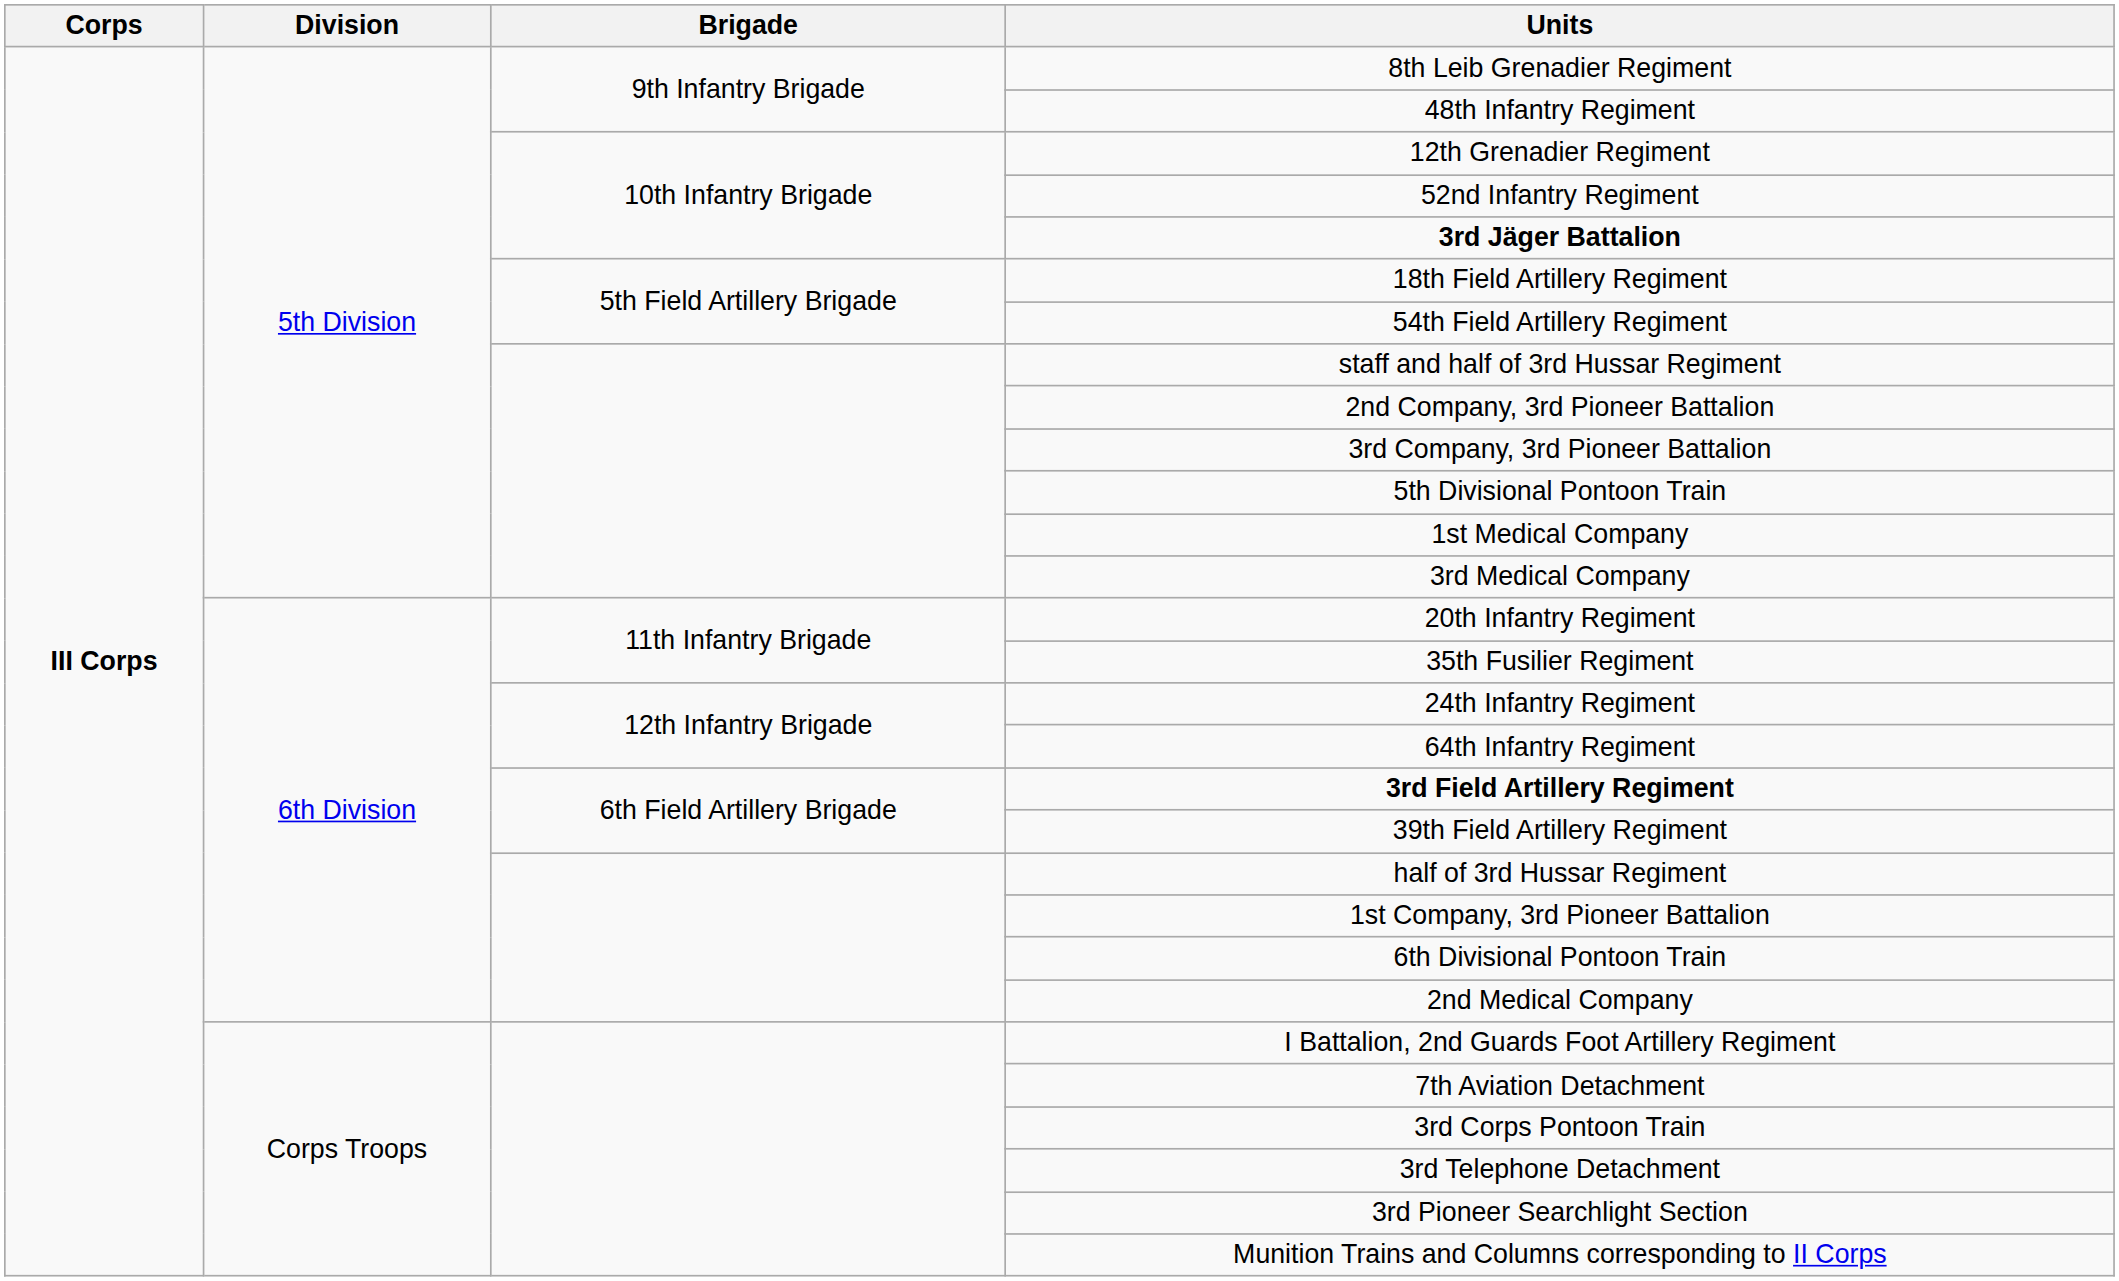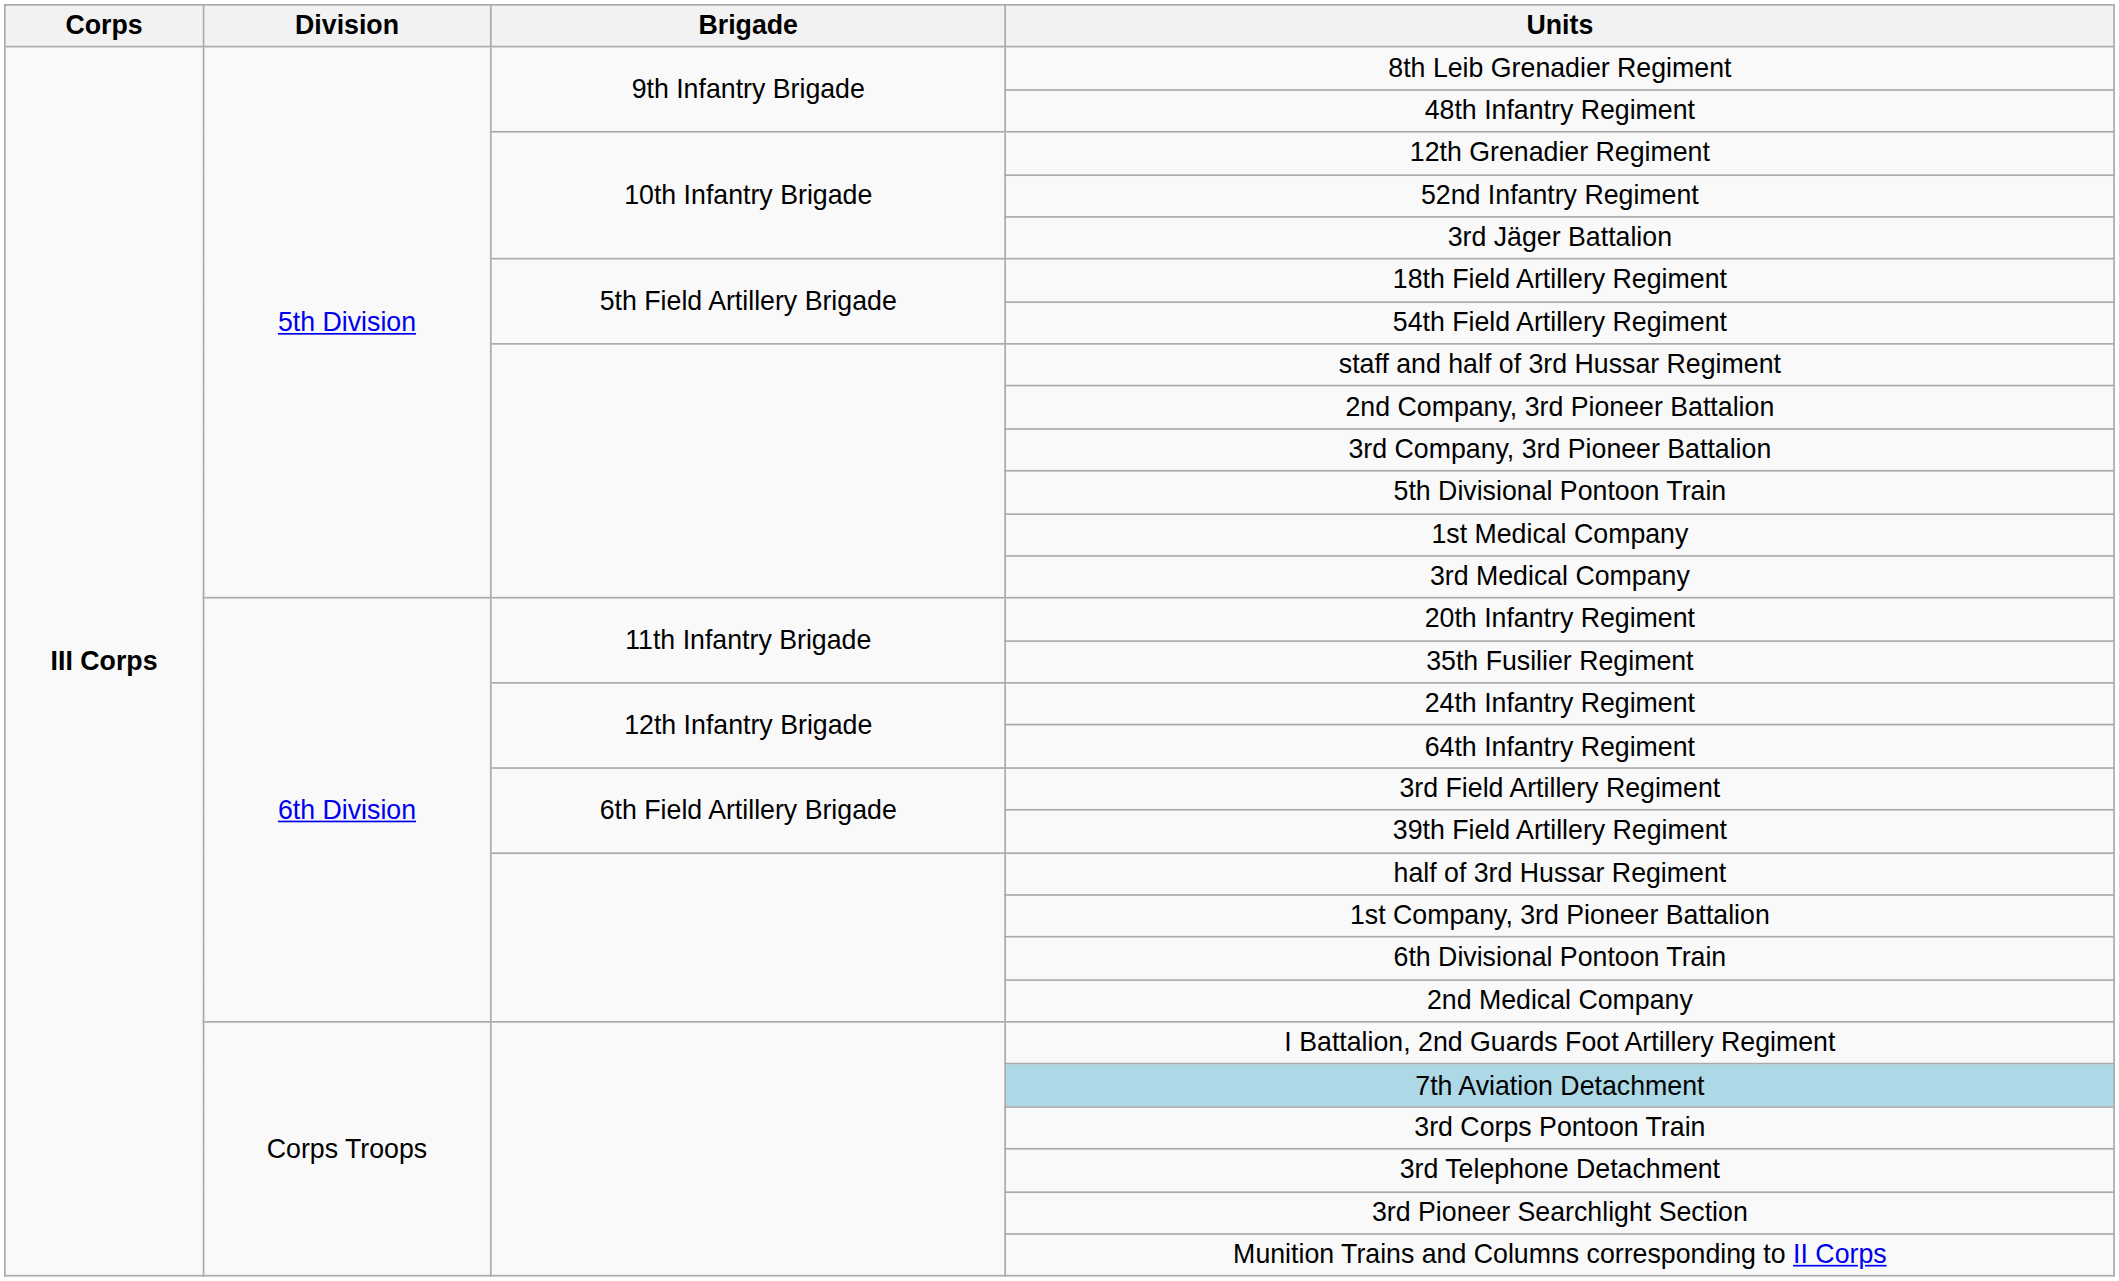 <table class="wikitable collapsible collapsed" style="text-align:center; width:100%;">
 <tr>
 <th>Corps</th>
 <th>Division</th>
 <th>Brigade</th>
 <th>Units</th>
 </tr>
 <tr>
 <td ROWSPAN=29><strong>III Corps</strong></td>
 <td ROWSPAN=13><a href='#'>5th Division</a></td>
 <td ROWSPAN=2>9th Infantry Brigade</td>
 <td>8th Leib Grenadier Regiment</td>
 </tr>
 <tr>
 <td>48th Infantry Regiment</td>
 </tr>
 <tr>
 <td ROWSPAN=3>10th Infantry Brigade</td>
 <td>12th Grenadier Regiment</td>
 </tr>
 <tr>
 <td>52nd Infantry Regiment</td>
 </tr>
 <tr>
-<td><strong>3rd Jäger Battalion</strong></td>
+<td>3rd Jäger Battalion</td>
 </tr>
 <tr>
 <td ROWSPAN=2>5th Field Artillery Brigade</td>
 <td>18th Field Artillery Regiment</td>
 </tr>
 <tr>
 <td>54th Field Artillery Regiment</td>
 </tr>
 <tr>
 <td ROWSPAN=6></td>
 <td>staff and half of 3rd Hussar Regiment</td>
 </tr>
 <tr>
 <td>2nd Company, 3rd Pioneer Battalion</td>
 </tr>
 <tr>
 <td>3rd Company, 3rd Pioneer Battalion</td>
 </tr>
 <tr>
 <td>5th Divisional Pontoon Train</td>
 </tr>
 <tr>
 <td>1st Medical Company</td>
 </tr>
 <tr>
 <td>3rd Medical Company</td>
 </tr>
 <tr>
 <td ROWSPAN=10><a href='#'>6th Division</a></td>
 <td ROWSPAN=2>11th Infantry Brigade</td>
 <td>20th Infantry Regiment</td>
 </tr>
 <tr>
 <td>35th Fusilier Regiment</td>
 </tr>
 <tr>
 <td ROWSPAN=2>12th Infantry Brigade</td>
 <td>24th Infantry Regiment</td>
 </tr>
 <tr>
 <td>64th Infantry Regiment</td>
 </tr>
 <tr>
 <td ROWSPAN=2>6th Field Artillery Brigade</td>
-<td><strong>3rd Field Artillery Regiment</strong></td>
+<td>3rd Field Artillery Regiment</td>
 </tr>
 <tr>
 <td>39th Field Artillery Regiment</td>
 </tr>
 <tr>
 <td ROWSPAN=4></td>
 <td>half of 3rd Hussar Regiment</td>
 </tr>
 <tr>
 <td>1st Company, 3rd Pioneer Battalion</td>
 </tr>
 <tr>
 <td>6th Divisional Pontoon Train</td>
 </tr>
 <tr>
 <td>2nd Medical Company</td>
 </tr>
 <tr>
 <td ROWSPAN=6>Corps Troops</td>
 <td ROWSPAN=6></td>
 <td>I Battalion, 2nd Guards Foot Artillery Regiment</td>
 </tr>
 <tr>
-<td>7th Aviation Detachment</td>
+<td style="background: lightblue;">7th Aviation Detachment</td>
 </tr>
 <tr>
 <td>3rd Corps Pontoon Train</td>
 </tr>
 <tr>
 <td>3rd Telephone Detachment</td>
 </tr>
 <tr>
 <td>3rd Pioneer Searchlight Section</td>
 </tr>
 <tr>
 <td>Munition Trains and Columns corresponding to <a href='#'>II Corps</a></td>
 </tr>
 </table>
